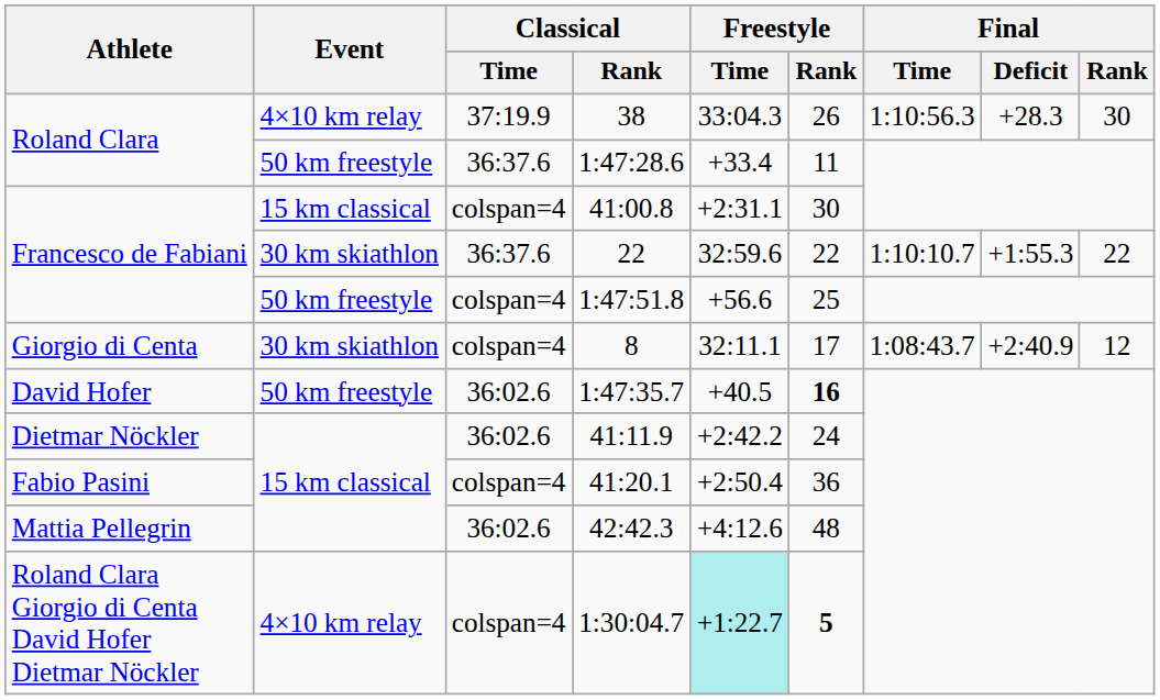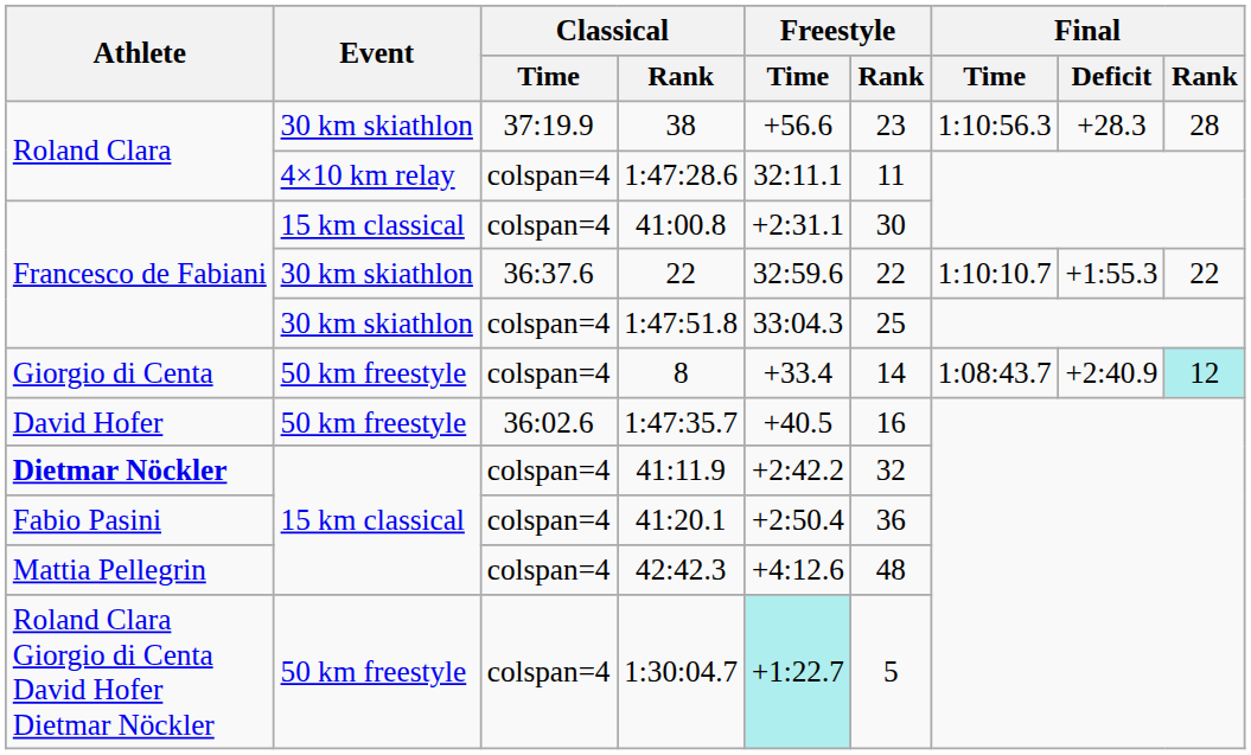 <table class="wikitable" style="font-size:90%">
 <tr>
 <th rowspan=2>Athlete</th>
 <th rowspan=2>Event</th>
 <th colspan=2>Classical</th>
 <th colspan=2>Freestyle</th>
 <th colspan=3>Final</th>
 </tr>
 <tr style="font-size: 95%">
 <th>Time</th>
 <th>Rank</th>
 <th>Time</th>
 <th>Rank</th>
 <th>Time</th>
 <th>Deficit</th>
 <th>Rank</th>
 </tr>
 <tr align=center>
 <td align=left rowspan=2><a href='#'>Roland Clara</a></td>
-<td align=left><a href='#'>4×10 km relay</a></td>
+<td align=left><a href='#'>30 km skiathlon</a></td>
 <td>37:19.9</td>
 <td>38</td>
-<td>33:04.3</td>
-<td>26</td>
+<td>+56.6</td>
+<td>23</td>
 <td>1:10:56.3</td>
 <td>+28.3</td>
-<td>30</td>
+<td>28</td>
 </tr>
 <tr align=center>
-<td align=left><a href='#'>50 km freestyle</a></td>
-<td>36:37.6</td>
+<td align=left><a href='#'>4×10 km relay</a></td>
+<td>colspan=4 </td>
 <td>1:47:28.6</td>
-<td>+33.4</td>
+<td>32:11.1</td>
 <td>11</td>
 </tr>
 <tr align=center>
 <td align=left rowspan=3><a href='#'>Francesco de Fabiani</a></td>
 <td align=left><a href='#'>15 km classical</a></td>
 <td>colspan=4 </td>
 <td>41:00.8</td>
 <td>+2:31.1</td>
 <td>30</td>
 </tr>
 <tr align=center>
 <td align=left><a href='#'>30 km skiathlon</a></td>
 <td>36:37.6</td>
 <td>22</td>
 <td>32:59.6</td>
 <td>22</td>
 <td>1:10:10.7</td>
 <td>+1:55.3</td>
 <td>22</td>
 </tr>
 <tr align=center>
-<td align=left><a href='#'>50 km freestyle</a></td>
+<td align=left><a href='#'>30 km skiathlon</a></td>
 <td>colspan=4 </td>
 <td>1:47:51.8</td>
-<td>+56.6</td>
+<td>33:04.3</td>
 <td>25</td>
 </tr>
 <tr align=center>
 <td align=left><a href='#'>Giorgio di Centa</a></td>
-<td align=left><a href='#'>30 km skiathlon</a></td>
+<td align=left><a href='#'>50 km freestyle</a></td>
 <td>colspan=4 </td>
 <td>8</td>
-<td>32:11.1</td>
-<td>17</td>
+<td>+33.4</td>
+<td>14</td>
 <td>1:08:43.7</td>
 <td>+2:40.9</td>
-<td>12</td>
+<td style="background: paleturquoise;">12</td>
 </tr>
 <tr align=center>
 <td align=left><a href='#'>David Hofer</a></td>
 <td align=left><a href='#'>50 km freestyle</a></td>
 <td>36:02.6</td>
 <td>1:47:35.7</td>
 <td>+40.5</td>
-<td><strong>16</strong></td>
+<td>16</td>
 </tr>
 <tr align=center>
-<td align=left><a href='#'>Dietmar Nöckler</a></td>
+<td align=left><strong><a href='#'>Dietmar Nöckler</a></strong></td>
 <td align=left rowspan=3><a href='#'>15 km classical</a></td>
-<td>36:02.6</td>
+<td>colspan=4 </td>
 <td>41:11.9</td>
 <td>+2:42.2</td>
-<td>24</td>
+<td>32</td>
 </tr>
 <tr align=center>
 <td align=left><a href='#'>Fabio Pasini</a></td>
 <td>colspan=4 </td>
 <td>41:20.1</td>
 <td>+2:50.4</td>
 <td>36</td>
 </tr>
 <tr align=center>
 <td align=left><a href='#'>Mattia Pellegrin</a></td>
-<td>36:02.6</td>
+<td>colspan=4 </td>
 <td>42:42.3</td>
 <td>+4:12.6</td>
 <td>48</td>
 </tr>
 <tr align=center>
 <td align=left><a href='#'>Roland Clara</a><br><a href='#'>Giorgio di Centa</a><br><a href='#'>David Hofer</a><br><a href='#'>Dietmar Nöckler</a></td>
-<td align=left><a href='#'>4×10 km relay</a></td>
+<td align=left><a href='#'>50 km freestyle</a></td>
 <td>colspan=4 </td>
 <td>1:30:04.7</td>
 <td style="background: paleturquoise;">+1:22.7</td>
-<td><strong>5</strong></td>
+<td>5</td>
 </tr>
 </table>
